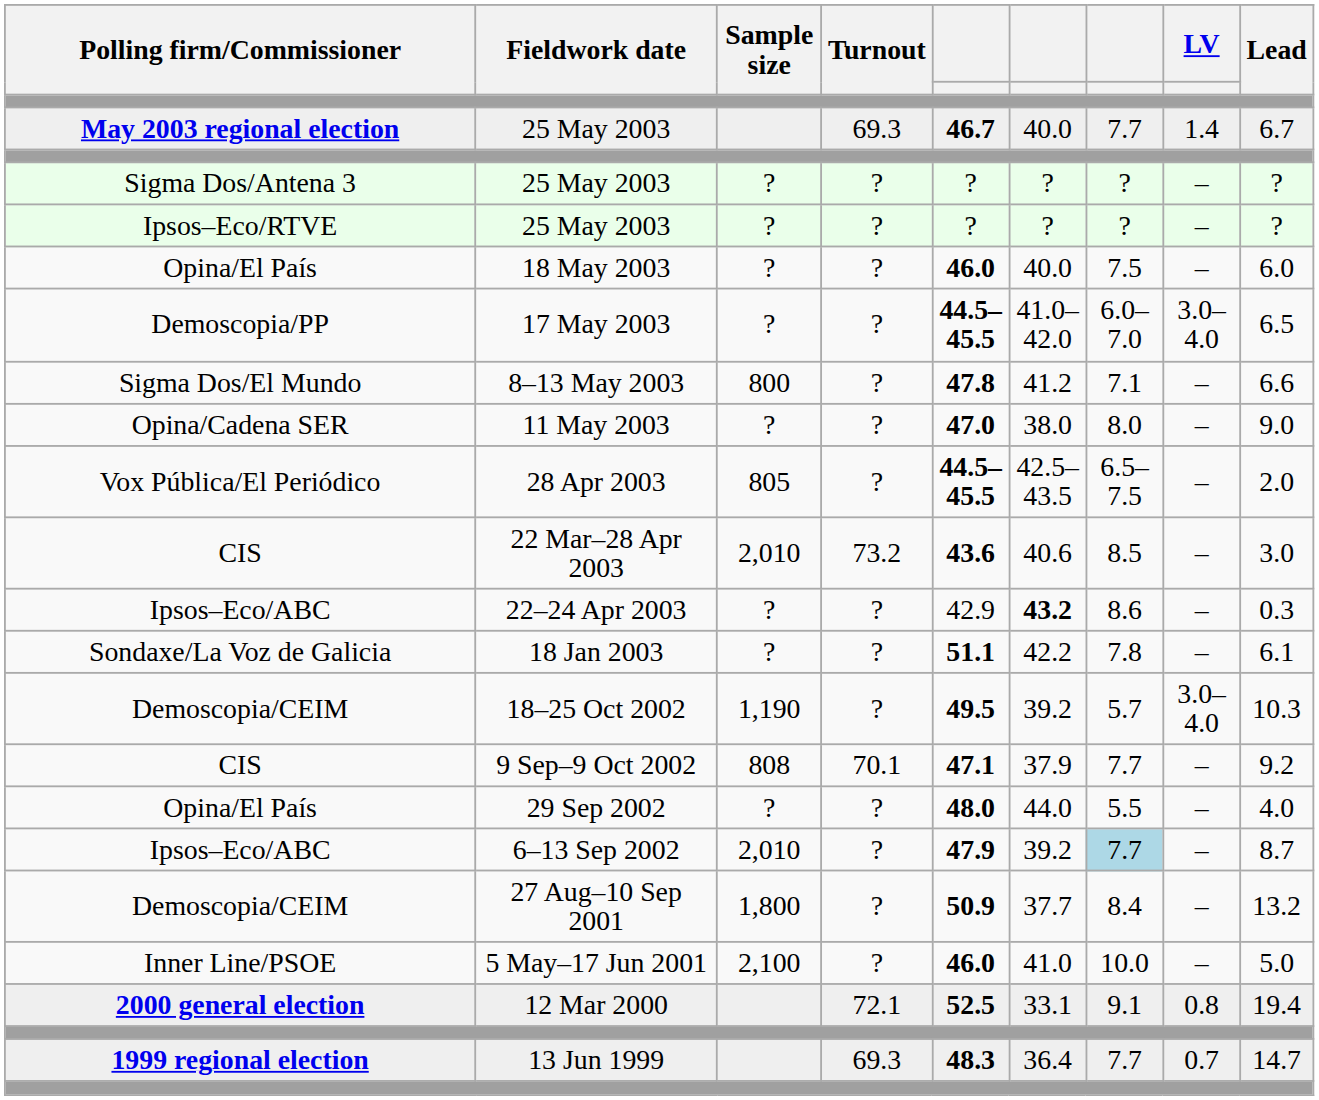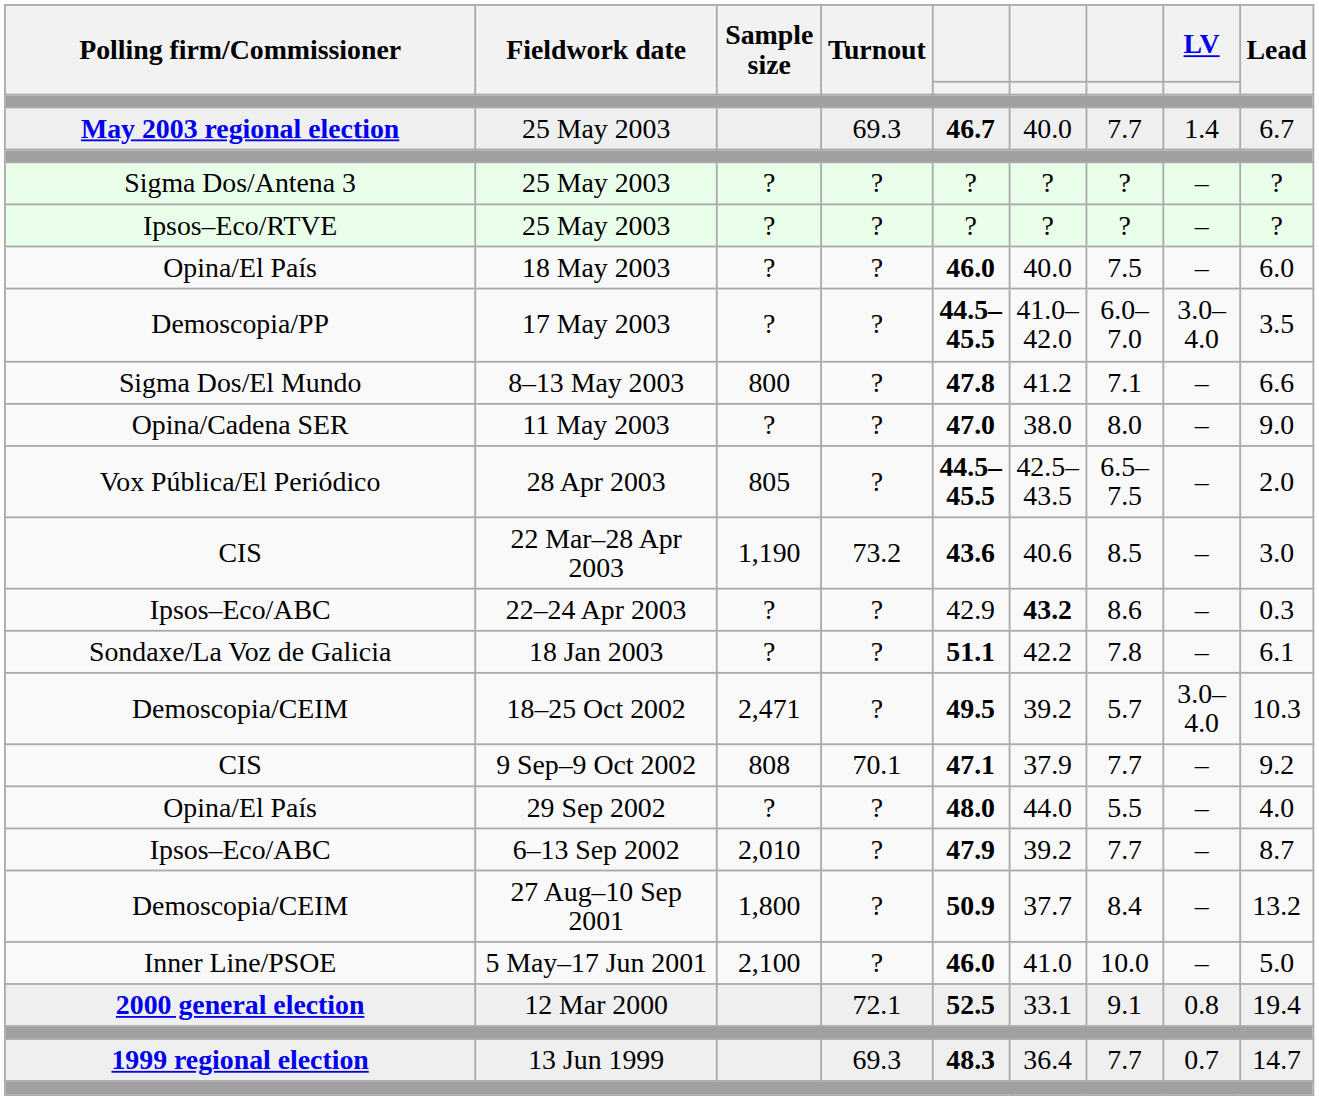 <table class="wikitable collapsible collapsed" style="text-align:center; font-size:95%; line-height:16px;">
 <tr style="height:42px;">
 <th style="width:250px;" rowspan="2">Polling firm/Commissioner</th>
 <th style="width:125px;" rowspan="2">Fieldwork date</th>
 <th style="width:50px;" rowspan="2">Sample size</th>
 <th style="width:45px;" rowspan="2">Turnout</th>
 <th style="width:35px;"></th>
 <th style="width:35px;"></th>
 <th style="width:35px;"></th>
 <th style="width:35px;"><a href='#'>LV</a></th>
 <th style="width:30px;" rowspan="2">Lead</th>
 </tr>
 <tr>
 <th style="color:inherit;background:"></th>
 <th style="color:inherit;background:"></th>
 <th style="color:inherit;background:"></th>
 <th style="color:inherit;background:"></th>
 </tr>
 <tr>
 <td colspan="9" style="background:#A0A0A0"></td>
 </tr>
 <tr style="background:#EFEFEF;">
 <td><strong><a href='#'>May 2003 regional election</a></strong></td>
 <td>25 May 2003</td>
 <td></td>
 <td>69.3</td>
 <td><strong>46.7</strong><br></td>
 <td>40.0<br></td>
 <td>7.7<br></td>
 <td>1.4<br></td>
 <td style="background:">6.7</td>
 </tr>
 <tr>
 <td colspan="9" style="background:#A0A0A0"></td>
 </tr>
 <tr style="background:#EAFFEA;">
 <td>Sigma Dos/Antena 3</td>
 <td>25 May 2003</td>
 <td>?</td>
 <td>?</td>
 <td>?<br></td>
 <td>?<br></td>
 <td>?<br></td>
 <td>–</td>
 <td style="background:">?</td>
 </tr>
 <tr style="background:#EAFFEA;">
 <td>Ipsos–Eco/RTVE</td>
 <td>25 May 2003</td>
 <td>?</td>
 <td>?</td>
 <td>?<br></td>
 <td>?<br></td>
 <td>?<br></td>
 <td>–</td>
 <td style="background:">?</td>
 </tr>
 <tr>
 <td>Opina/El País</td>
 <td>18 May 2003</td>
 <td>?</td>
 <td>?</td>
 <td><strong>46.0</strong><br></td>
 <td>40.0<br></td>
 <td>7.5<br></td>
 <td>–</td>
 <td style="background:">6.0</td>
 </tr>
 <tr>
 <td>Demoscopia/PP</td>
 <td>17 May 2003</td>
 <td>?</td>
 <td>?</td>
 <td><strong>44.5–<br>45.5</strong><br></td>
 <td>41.0–<br>42.0<br></td>
 <td>6.0–<br>7.0<br></td>
 <td>3.0–<br>4.0<br></td>
-<td style="background:">6.5</td>
+<td style="background:">3.5</td>
 </tr>
 <tr>
 <td>Sigma Dos/El Mundo</td>
 <td>8–13 May 2003</td>
 <td>800</td>
 <td>?</td>
 <td><strong>47.8</strong><br></td>
 <td>41.2<br></td>
 <td>7.1<br></td>
 <td>–</td>
 <td style="background:">6.6</td>
 </tr>
 <tr>
 <td>Opina/Cadena SER</td>
 <td>11 May 2003</td>
 <td>?</td>
 <td>?</td>
 <td><strong>47.0</strong><br></td>
 <td>38.0<br></td>
 <td>8.0<br></td>
 <td>–</td>
 <td style="background:">9.0</td>
 </tr>
 <tr>
 <td>Vox Pública/El Periódico</td>
 <td>28 Apr 2003</td>
 <td>805</td>
 <td>?</td>
 <td><strong>44.5–<br>45.5</strong><br></td>
 <td>42.5–<br>43.5<br></td>
 <td>6.5–<br>7.5<br></td>
 <td>–</td>
 <td style="background:">2.0</td>
 </tr>
 <tr>
 <td>CIS</td>
 <td>22 Mar–28 Apr 2003</td>
-<td>2,010</td>
+<td>1,190</td>
 <td>73.2</td>
 <td><strong>43.6</strong><br></td>
 <td>40.6<br></td>
 <td>8.5<br></td>
 <td>–</td>
 <td style="background:">3.0</td>
 </tr>
 <tr>
 <td>Ipsos–Eco/ABC</td>
 <td>22–24 Apr 2003</td>
 <td>?</td>
 <td>?</td>
 <td>42.9<br></td>
 <td><strong>43.2</strong><br></td>
 <td>8.6<br></td>
 <td>–</td>
 <td style="background:">0.3</td>
 </tr>
 <tr>
 <td>Sondaxe/La Voz de Galicia</td>
 <td>18 Jan 2003</td>
 <td>?</td>
 <td>?</td>
 <td><strong>51.1</strong><br></td>
 <td>42.2<br></td>
 <td>7.8<br></td>
 <td>–</td>
 <td style="background:">6.1</td>
 </tr>
 <tr>
 <td>Demoscopia/CEIM</td>
 <td>18–25 Oct 2002</td>
-<td>1,190</td>
+<td>2,471</td>
 <td>?</td>
 <td><strong>49.5</strong></td>
 <td>39.2</td>
 <td>5.7</td>
 <td>3.0–<br>4.0<br></td>
 <td style="background:">10.3</td>
 </tr>
 <tr>
 <td>CIS</td>
 <td>9 Sep–9 Oct 2002</td>
 <td>808</td>
 <td>70.1</td>
 <td><strong>47.1</strong></td>
 <td>37.9</td>
 <td>7.7</td>
 <td>–</td>
 <td style="background:">9.2</td>
 </tr>
 <tr>
 <td>Opina/El País</td>
 <td>29 Sep 2002</td>
 <td>?</td>
 <td>?</td>
 <td><strong>48.0</strong></td>
 <td>44.0</td>
 <td>5.5</td>
 <td>–</td>
 <td style="background:">4.0</td>
 </tr>
 <tr>
 <td>Ipsos–Eco/ABC</td>
 <td>6–13 Sep 2002</td>
 <td>2,010</td>
 <td>?</td>
 <td><strong>47.9</strong><br></td>
 <td>39.2<br></td>
-<td style="background: lightblue;">7.7<br></td>
+<td>7.7<br></td>
 <td>–</td>
 <td style="background:">8.7</td>
 </tr>
 <tr>
 <td>Demoscopia/CEIM</td>
 <td>27 Aug–10 Sep 2001</td>
 <td>1,800</td>
 <td>?</td>
 <td><strong>50.9</strong><br></td>
 <td>37.7<br></td>
 <td>8.4<br></td>
 <td>–</td>
 <td style="background:">13.2</td>
 </tr>
 <tr>
 <td>Inner Line/PSOE</td>
 <td>5 May–17 Jun 2001</td>
 <td>2,100</td>
 <td>?</td>
 <td><strong>46.0</strong><br></td>
 <td>41.0<br></td>
 <td>10.0<br></td>
 <td>–</td>
 <td style="background:">5.0</td>
 </tr>
 <tr style="background:#EFEFEF;">
 <td><strong><a href='#'>2000 general election</a></strong></td>
 <td>12 Mar 2000</td>
 <td></td>
 <td>72.1</td>
 <td><strong>52.5</strong><br></td>
 <td>33.1<br></td>
 <td>9.1<br></td>
 <td>0.8<br></td>
 <td style="background:">19.4</td>
 </tr>
 <tr>
 <td colspan="9" style="background:#A0A0A0"></td>
 </tr>
 <tr style="background:#EFEFEF;">
 <td><strong><a href='#'>1999 regional election</a></strong></td>
 <td>13 Jun 1999</td>
 <td></td>
 <td>69.3</td>
 <td><strong>48.3</strong><br></td>
 <td>36.4<br></td>
 <td>7.7<br></td>
 <td>0.7<br></td>
 <td style="background:">14.7</td>
 </tr>
 <tr>
 <td colspan="9" style="background:#A0A0A0"></td>
 </tr>
 </table>
